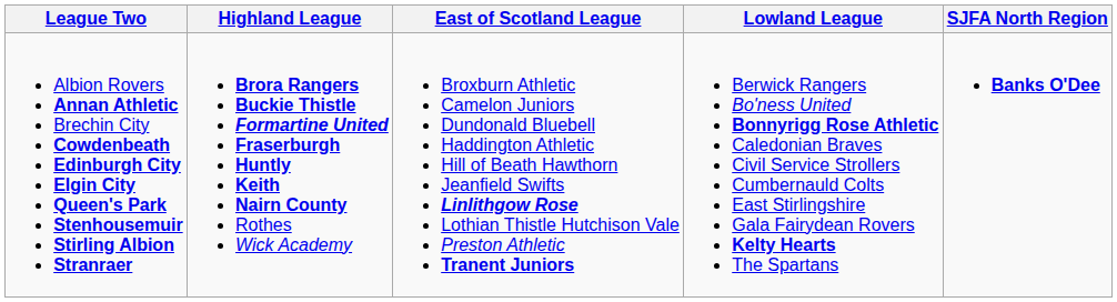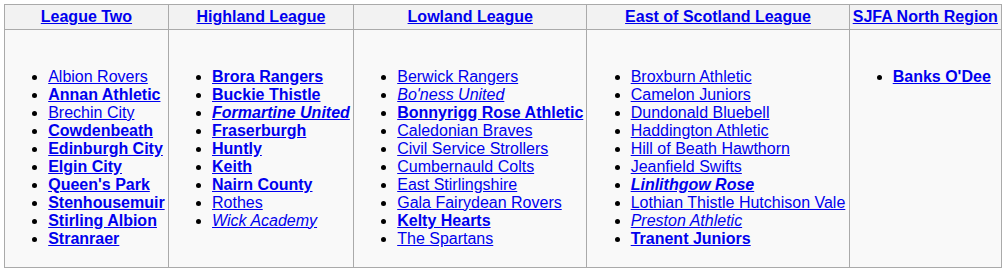 <table class="wikitable" style="text-align:left">
 <tr>
 <th><a href='#'>League Two</a></th>
 <th><a href='#'>Highland League</a></th>
+<th><a href='#'>Lowland League</a></th>
 <th><a href='#'>East of Scotland League</a></th>
-<th><a href='#'>Lowland League</a></th>
 <th><a href='#'>SJFA North Region</a></th>
 </tr>
 <tr>
 <td valign=top><br><ul><li><a href='#'>Albion Rovers</a></li><li><strong><a href='#'>Annan Athletic</a></strong></li><li><a href='#'>Brechin City</a></li><li><strong><a href='#'>Cowdenbeath</a></strong></li><li><strong><a href='#'>Edinburgh City</a></strong></li><li><strong><a href='#'>Elgin City</a></strong></li><li><strong><a href='#'>Queen's Park</a></strong></li><li><strong><a href='#'>Stenhousemuir</a></strong></li><li><strong><a href='#'>Stirling Albion</a></strong></li><li><strong><a href='#'>Stranraer</a></strong></li></ul></td>
 <td valign=top><br><ul><li><strong><a href='#'>Brora Rangers</a></strong></li><li><strong><a href='#'>Buckie Thistle</a></strong></li><li><strong><em><a href='#'>Formartine United</a></em></strong></li><li><strong><a href='#'>Fraserburgh</a></strong></li><li><strong><a href='#'>Huntly</a></strong></li><li><strong><a href='#'>Keith</a></strong></li><li><strong><a href='#'>Nairn County</a></strong></li><li><a href='#'>Rothes</a></li><li><em><a href='#'>Wick Academy</a></em></li></ul></td>
+<td valign=top><br><ul><li><a href='#'>Berwick Rangers</a></li><li><em><a href='#'>Bo'ness United</a></em></li><li><strong><a href='#'>Bonnyrigg Rose Athletic</a></strong></li><li><a href='#'>Caledonian Braves</a></li><li><a href='#'>Civil Service Strollers</a></li><li><a href='#'>Cumbernauld Colts</a></li><li><a href='#'>East Stirlingshire</a></li><li><a href='#'>Gala Fairydean Rovers</a></li><li><strong><a href='#'>Kelty Hearts</a></strong></li><li><a href='#'>The Spartans</a></li></ul></td>
 <td valign=top><br><ul><li><a href='#'>Broxburn Athletic</a></li><li><a href='#'>Camelon Juniors</a></li><li><a href='#'>Dundonald Bluebell</a></li><li><a href='#'>Haddington Athletic</a></li><li><a href='#'>Hill of Beath Hawthorn</a></li><li><a href='#'>Jeanfield Swifts</a></li><li><strong><em><a href='#'>Linlithgow Rose</a></em></strong></li><li><a href='#'>Lothian Thistle Hutchison Vale</a></li><li><em><a href='#'>Preston Athletic</a></em></li><li><strong><a href='#'>Tranent Juniors</a></strong></li></ul></td>
-<td valign=top><br><ul><li><a href='#'>Berwick Rangers</a></li><li><em><a href='#'>Bo'ness United</a></em></li><li><strong><a href='#'>Bonnyrigg Rose Athletic</a></strong></li><li><a href='#'>Caledonian Braves</a></li><li><a href='#'>Civil Service Strollers</a></li><li><a href='#'>Cumbernauld Colts</a></li><li><a href='#'>East Stirlingshire</a></li><li><a href='#'>Gala Fairydean Rovers</a></li><li><strong><a href='#'>Kelty Hearts</a></strong></li><li><a href='#'>The Spartans</a></li></ul></td>
 <td valign=top><br><ul><li><strong><a href='#'>Banks O'Dee</a></strong></li></ul></td>
 </tr>
 </table>
